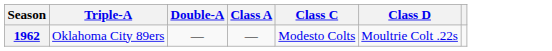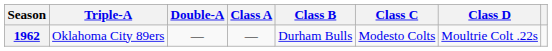 <table class="wikitable plainrowheaders">
 <tr>
 <th scope="col">Season</th>
 <th scope="col"><a href='#'><span>Triple-A</span></a></th>
 <th scope="col"><a href='#'><span>Double-A</span></a></th>
 <th scope="col"><a href='#'><span>Class A</span></a></th>
+<th scope="col"><a href='#'><span>Class B</span></a></th>
 <th scope="col"><a href='#'><span>Class C</span></a></th>
 <th scope="col"><a href='#'><span>Class D</span></a></th>
 <th scope="col"></th>
 </tr>
 <tr>
 <th scope="row" style="text-align:center"><a href='#'>1962</a></th>
 <td><a href='#'>Oklahoma City 89ers</a></td>
 <td align="center">—</td>
 <td align="center">—</td>
+<td><a href='#'>Durham Bulls</a></td>
 <td><a href='#'>Modesto Colts</a></td>
 <td><a href='#'>Moultrie Colt .22s</a></td>
 <td align="center"></td>
 </tr>
 </table>
